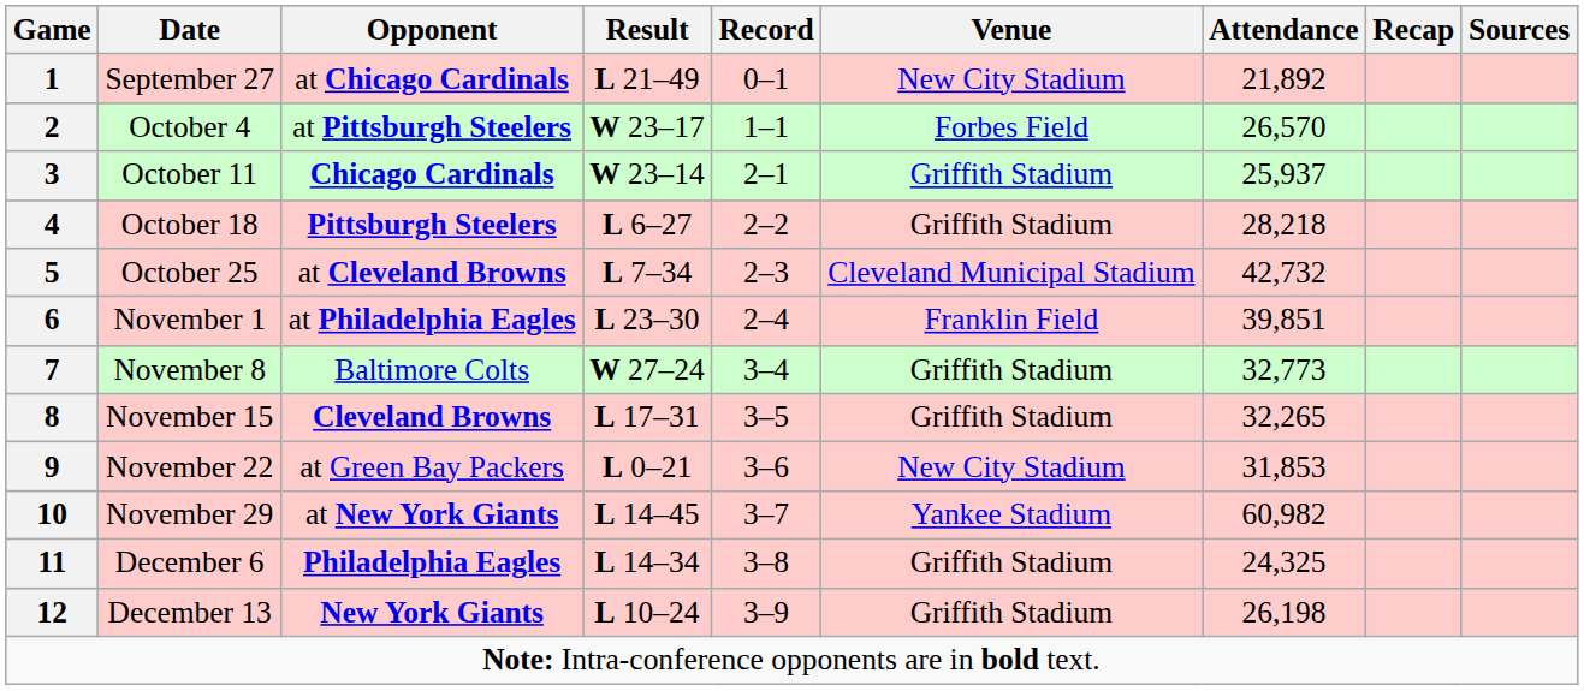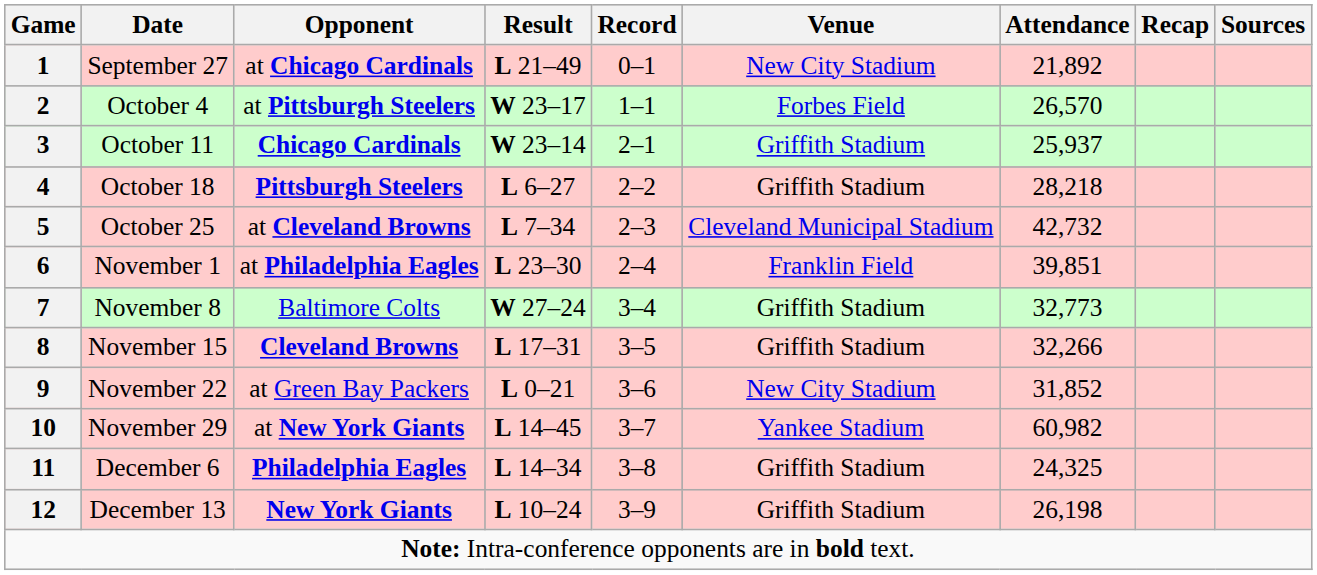 <table class="wikitable" style="text-align:center">
 <tr>
 <th>Game</th>
 <th>Date</th>
 <th>Opponent</th>
 <th>Result</th>
 <th>Record</th>
 <th>Venue</th>
 <th>Attendance</th>
 <th>Recap</th>
 <th>Sources</th>
 </tr>
 <tr style="background:#fcc">
 <th>1</th>
 <td>September 27</td>
 <td>at <strong><a href='#'>Chicago Cardinals</a></strong></td>
 <td><strong>L</strong> 21–49</td>
 <td>0–1</td>
 <td><a href='#'>New City Stadium</a></td>
 <td>21,892</td>
 <td></td>
 <td></td>
 </tr>
 <tr style="background:#cfc">
 <th>2</th>
 <td>October 4</td>
 <td>at <strong><a href='#'>Pittsburgh Steelers</a></strong></td>
 <td><strong>W</strong> 23–17</td>
 <td>1–1</td>
 <td><a href='#'>Forbes Field</a></td>
 <td>26,570</td>
 <td></td>
 <td></td>
 </tr>
 <tr style="background:#cfc">
 <th>3</th>
 <td>October 11</td>
 <td><strong><a href='#'>Chicago Cardinals</a></strong></td>
 <td><strong>W</strong> 23–14</td>
 <td>2–1</td>
 <td><a href='#'>Griffith Stadium</a></td>
 <td>25,937</td>
 <td></td>
 <td></td>
 </tr>
 <tr style="background:#fcc">
 <th>4</th>
 <td>October 18</td>
 <td><strong><a href='#'>Pittsburgh Steelers</a></strong></td>
 <td><strong>L</strong> 6–27</td>
 <td>2–2</td>
 <td>Griffith Stadium</td>
 <td>28,218</td>
 <td></td>
 <td></td>
 </tr>
 <tr style="background:#fcc">
 <th>5</th>
 <td>October 25</td>
 <td>at <strong><a href='#'>Cleveland Browns</a></strong></td>
 <td><strong>L</strong> 7–34</td>
 <td>2–3</td>
 <td><a href='#'>Cleveland Municipal Stadium</a></td>
 <td>42,732</td>
 <td></td>
 <td></td>
 </tr>
 <tr style="background:#fcc">
 <th>6</th>
 <td>November 1</td>
 <td>at <strong><a href='#'>Philadelphia Eagles</a></strong></td>
 <td><strong>L</strong> 23–30</td>
 <td>2–4</td>
 <td><a href='#'>Franklin Field</a></td>
 <td>39,851</td>
 <td></td>
 <td></td>
 </tr>
 <tr style="background:#cfc">
 <th>7</th>
 <td>November 8</td>
 <td><a href='#'>Baltimore Colts</a></td>
 <td><strong>W</strong> 27–24</td>
 <td>3–4</td>
 <td>Griffith Stadium</td>
 <td>32,773</td>
 <td></td>
 <td></td>
 </tr>
 <tr style="background:#fcc">
 <th>8</th>
 <td>November 15</td>
 <td><strong><a href='#'>Cleveland Browns</a></strong></td>
 <td><strong>L</strong> 17–31</td>
 <td>3–5</td>
 <td>Griffith Stadium</td>
-<td>32,265</td>
+<td>32,266</td>
 <td></td>
 <td></td>
 </tr>
 <tr style="background:#fcc">
 <th>9</th>
 <td>November 22</td>
 <td>at <a href='#'>Green Bay Packers</a></td>
 <td><strong>L</strong> 0–21</td>
 <td>3–6</td>
 <td><a href='#'>New City Stadium</a></td>
-<td>31,853</td>
+<td>31,852</td>
 <td></td>
 <td></td>
 </tr>
 <tr style="background:#fcc">
 <th>10</th>
 <td>November 29</td>
 <td>at <strong><a href='#'>New York Giants</a></strong></td>
 <td><strong>L</strong> 14–45</td>
 <td>3–7</td>
 <td><a href='#'>Yankee Stadium</a></td>
 <td>60,982</td>
 <td></td>
 <td></td>
 </tr>
 <tr style="background:#fcc">
 <th>11</th>
 <td>December 6</td>
 <td><strong><a href='#'>Philadelphia Eagles</a></strong></td>
 <td><strong>L</strong> 14–34</td>
 <td>3–8</td>
 <td>Griffith Stadium</td>
 <td>24,325</td>
 <td></td>
 <td></td>
 </tr>
 <tr style="background:#fcc">
 <th>12</th>
 <td>December 13</td>
 <td><strong><a href='#'>New York Giants</a></strong></td>
 <td><strong>L</strong> 10–24</td>
 <td>3–9</td>
 <td>Griffith Stadium</td>
 <td>26,198</td>
 <td></td>
 <td></td>
 </tr>
 <tr>
 <td colspan="10"><strong>Note:</strong> Intra-conference opponents are in <strong>bold</strong> text.</td>
 </tr>
 </table>
